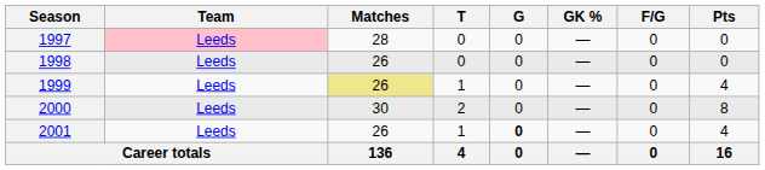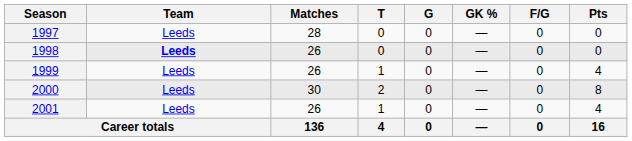 <table class="wikitable sortable"  style="font-size:90%; text-align:center; width:85%;">
 <tr>
 <th width=2%>Season</th>
 <th width=8%>Team</th>
 <th width=2%>Matches</th>
 <th width=2%>T</th>
 <th width=2%>G</th>
 <th width=2%>GK %</th>
 <th width=2%>F/G</th>
 <th width=2%>Pts</th>
 </tr>
 <tr>
 <th scope="row" style="text-align:center; font-weight:normal"><a href='#'>1997</a></th>
-<td style="background: pink; text-align:center;"> <a href='#'>Leeds</a></td>
+<td style="text-align:center;"> <a href='#'>Leeds</a></td>
 <td>28</td>
 <td>0</td>
 <td>0</td>
 <td>—</td>
 <td>0</td>
 <td>0</td>
 </tr>
 <tr style="background-color: #EAEAEA">
 <th scope="row" style="text-align:center; font-weight:normal"><a href='#'>1998</a></th>
-<td style="text-align:center;"> <a href='#'>Leeds</a></td>
+<td style="text-align:center;"><strong> <a href='#'>Leeds</a></strong></td>
 <td>26</td>
 <td>0</td>
 <td>0</td>
 <td>—</td>
 <td>0</td>
 <td>0</td>
 </tr>
 <tr>
 <th scope="row" style="text-align:center; font-weight:normal"><a href='#'>1999</a></th>
 <td style="text-align:center;"> <a href='#'>Leeds</a></td>
-<td style="background: khaki;">26</td>
+<td>26</td>
 <td>1</td>
 <td>0</td>
 <td>—</td>
 <td>0</td>
 <td>4</td>
 </tr>
 <tr style="background-color: #EAEAEA">
 <th scope="row" style="text-align:center; font-weight:normal"><a href='#'>2000</a></th>
 <td style="text-align:center;"> <a href='#'>Leeds</a></td>
 <td>30</td>
 <td>2</td>
 <td>0</td>
 <td>—</td>
 <td>0</td>
 <td>8</td>
 </tr>
 <tr>
 <th scope="row" style="text-align:center; font-weight:normal"><a href='#'>2001</a></th>
 <td style="text-align:center;"> <a href='#'>Leeds</a></td>
 <td>26</td>
 <td>1</td>
-<td><strong>0</strong></td>
+<td>0</td>
 <td>—</td>
 <td>0</td>
 <td>4</td>
 </tr>
 <tr class="sortbottom">
 <th colspan=2>Career totals</th>
 <th>136</th>
 <th>4</th>
 <th>0</th>
 <th>—</th>
 <th>0</th>
 <th>16</th>
 </tr>
 </table>
